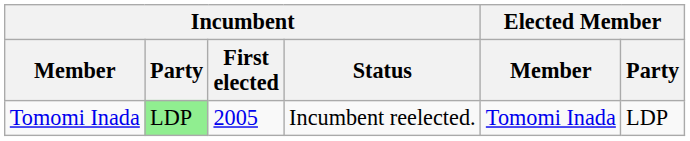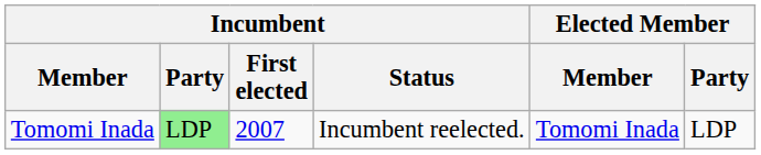 <table class="wikitable sortable">
 <tr>
 <th colspan=4>Incumbent</th>
 <th colspan=2>Elected Member</th>
 </tr>
 <tr>
 <th>Member</th>
 <th>Party</th>
 <th>First<br>elected</th>
 <th>Status</th>
 <th>Member</th>
 <th>Party</th>
 </tr>
 <tr>
 <td><a href='#'>Tomomi Inada</a></td>
 <td style="background: lightgreen;">LDP</td>
-<td><a href='#'>2005</a></td>
+<td><a href='#'>2007</a></td>
 <td>Incumbent reelected.</td>
 <td><a href='#'>Tomomi Inada</a></td>
 <td>LDP</td>
 </tr>
 </table>
